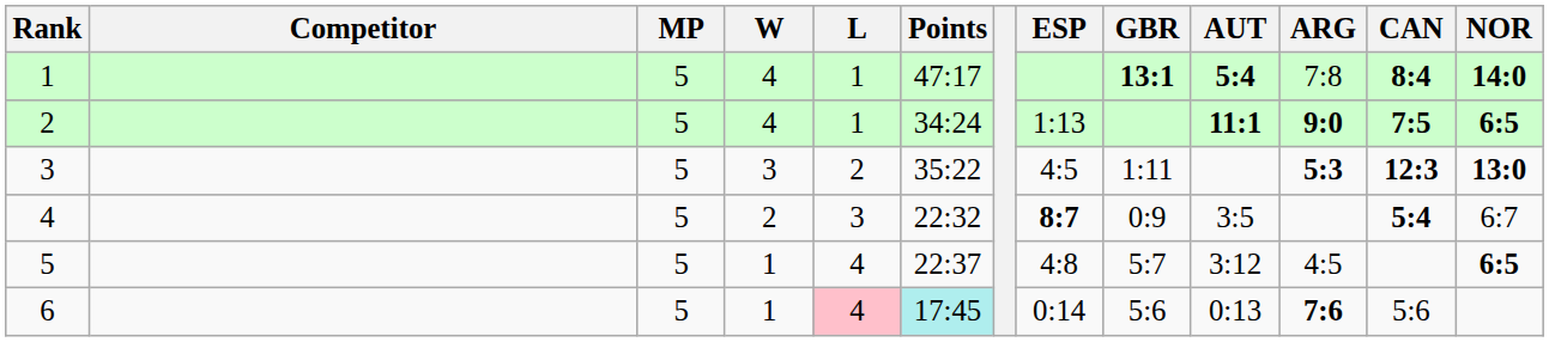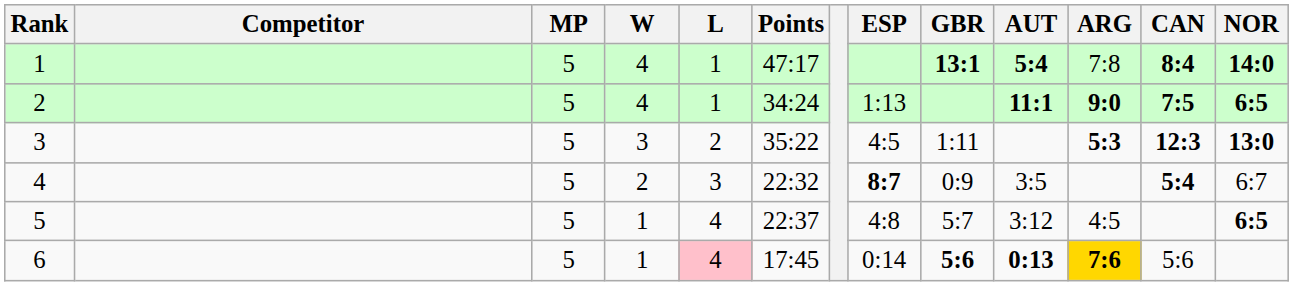 <table class="wikitable" style="text-align:center">
 <tr>
 <th>Rank</th>
 <th style="width:18em">Competitor</th>
 <th style="width:2.5em">MP</th>
 <th style="width:2.5em">W</th>
 <th style="width:2.5em">L</th>
 <th>Points</th>
 <th rowspan="7"> </th>
 <th style="width:2.5em">ESP</th>
 <th style="width:2.5em">GBR</th>
 <th style="width:2.5em">AUT</th>
 <th style="width:2.5em">ARG</th>
 <th style="width:2.5em">CAN</th>
 <th style="width:2.5em">NOR</th>
 </tr>
 <tr style="background:#cfc;">
 <td>1</td>
 <td style="text-align:left"></td>
 <td>5</td>
 <td>4</td>
 <td>1</td>
 <td>47:17</td>
 <td></td>
 <td><strong>13:1</strong></td>
 <td><strong>5:4</strong></td>
 <td>7:8</td>
 <td><strong>8:4</strong></td>
 <td><strong>14:0</strong></td>
 </tr>
 <tr style="background:#cfc;">
 <td>2</td>
 <td style="text-align:left"></td>
 <td>5</td>
 <td>4</td>
 <td>1</td>
 <td>34:24</td>
 <td>1:13</td>
 <td></td>
 <td><strong>11:1</strong></td>
 <td><strong>9:0</strong></td>
 <td><strong>7:5</strong></td>
 <td><strong>6:5</strong></td>
 </tr>
 <tr>
 <td>3</td>
 <td style="text-align:left"></td>
 <td>5</td>
 <td>3</td>
 <td>2</td>
 <td>35:22</td>
 <td>4:5</td>
 <td>1:11</td>
 <td></td>
 <td><strong>5:3</strong></td>
 <td><strong>12:3</strong></td>
 <td><strong>13:0</strong></td>
 </tr>
 <tr>
 <td>4</td>
 <td style="text-align:left"></td>
 <td>5</td>
 <td>2</td>
 <td>3</td>
 <td>22:32</td>
 <td><strong>8:7</strong></td>
 <td>0:9</td>
 <td>3:5</td>
 <td></td>
 <td><strong>5:4</strong></td>
 <td>6:7</td>
 </tr>
 <tr>
 <td>5</td>
 <td style="text-align:left"></td>
 <td>5</td>
 <td>1</td>
 <td>4</td>
 <td>22:37</td>
 <td>4:8</td>
 <td>5:7</td>
 <td>3:12</td>
 <td>4:5</td>
 <td></td>
 <td><strong>6:5</strong></td>
 </tr>
 <tr>
 <td>6</td>
 <td style="text-align:left"></td>
 <td>5</td>
 <td>1</td>
 <td style="background: pink;">4</td>
-<td style="background: paleturquoise;">17:45</td>
+<td>17:45</td>
 <td>0:14</td>
-<td>5:6</td>
-<td>0:13</td>
-<td><strong>7:6</strong></td>
+<td><strong>5:6</strong></td>
+<td><strong>0:13</strong></td>
+<td style="background: gold;"><strong>7:6</strong></td>
 <td>5:6</td>
 <td></td>
 </tr>
 </table>
